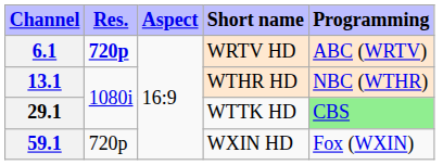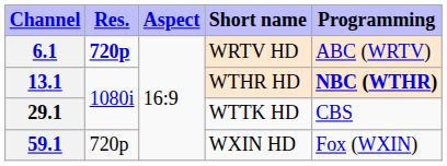 <table class="wikitable">
 <tr>
 <th style="background-color: #bdbdff" scope = "col"><a href='#'>Channel</a></th>
 <th style="background-color: #bdbdff" scope = "col"><a href='#'>Res.</a></th>
 <th style="background-color: #bdbdff" scope = "col"><a href='#'>Aspect</a></th>
 <th style="background-color: #bdbdff" scope = "col">Short name</th>
 <th style="background-color: #bdbdff" scope = "col">Programming</th>
 </tr>
 <tr>
 <th scope = "row"><a href='#'>6.1</a></th>
 <td><strong><a href='#'>720p</a></strong></td>
 <td rowspan=4>16:9</td>
 <td style="background-color:#ffe8d0">WRTV HD</td>
 <td style="background-color:#ffe8d0"><a href='#'>ABC</a> (<a href='#'>WRTV</a>) </td>
 </tr>
 <tr>
 <th scope = "row"><a href='#'>13.1</a></th>
 <td rowspan=2><a href='#'>1080i</a></td>
 <td style="background-color:#ffe8d0">WTHR HD</td>
-<td style="background-color:#ffe8d0"><a href='#'>NBC</a> (<a href='#'>WTHR</a>) </td>
+<td style="background-color:#ffe8d0"><strong><a href='#'>NBC</a> (<a href='#'>WTHR</a>) </strong></td>
 </tr>
 <tr>
 <th scope = "row">29.1</th>
 <td>WTTK HD</td>
-<td style="background: lightgreen;"><a href='#'>CBS</a></td>
+<td><a href='#'>CBS</a></td>
 </tr>
 <tr>
 <th scope = "row"><a href='#'>59.1</a></th>
 <td>720p</td>
 <td>WXIN HD</td>
 <td><a href='#'>Fox</a> (<a href='#'>WXIN</a>)</td>
 </tr>
 </table>
